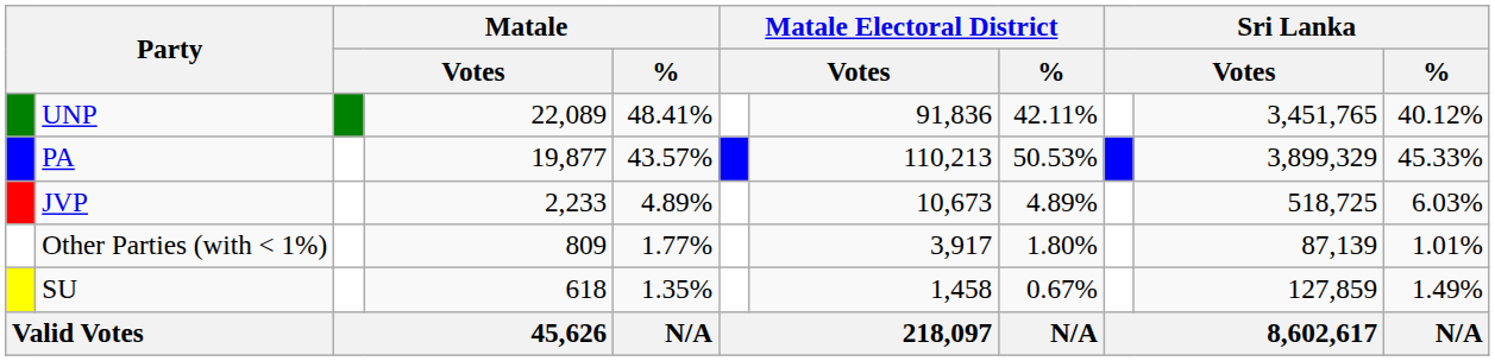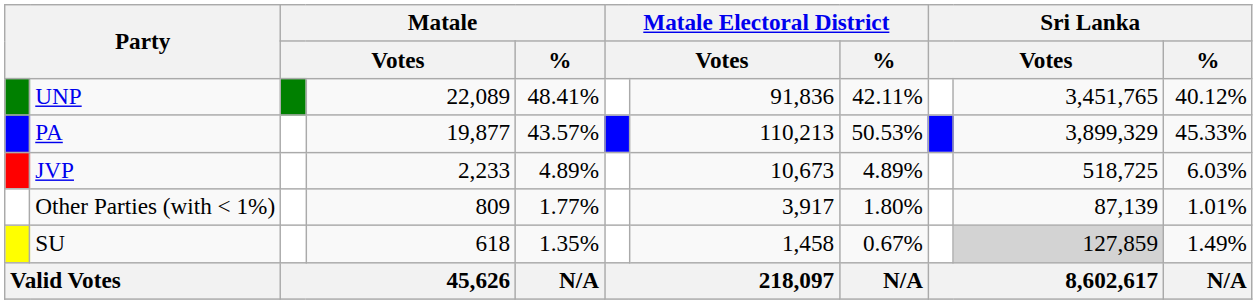 <table class="wikitable">
 <tr>
 <th colspan="2" width="144px"rowspan="2">Party</th>
 <th colspan="3" width="216px">Matale</th>
 <th colspan="3" width="216px"><a href='#'>Matale Electoral District</a></th>
 <th colspan="3" width="216px">Sri Lanka</th>
 </tr>
 <tr>
 <th colspan="2" width="144px">Votes</th>
 <th>%</th>
 <th colspan="2" width="144px">Votes</th>
 <th>%</th>
 <th colspan="2" width="144px">Votes</th>
 <th>%</th>
 </tr>
 <tr>
 <td style="background-color:green;" width="10px"></td>
 <td style="text-align:left;"><a href='#'>UNP</a></td>
 <td style="background-color:green;" width="10px"></td>
 <td style="text-align:right;">22,089</td>
 <td style="text-align:right;">48.41%</td>
 <td style="background-color:white;" width="10px"></td>
 <td style="text-align:right;">91,836</td>
 <td style="text-align:right;">42.11%</td>
 <td style="background-color:white;" width="10px"></td>
 <td style="text-align:right;">3,451,765</td>
 <td style="text-align:right;">40.12%</td>
 </tr>
 <tr>
 <td style="background-color:blue;" width="10px"></td>
 <td style="text-align:left;"><a href='#'>PA</a></td>
 <td style="background-color:white;" width="10px"></td>
 <td style="text-align:right;">19,877</td>
 <td style="text-align:right;">43.57%</td>
 <td style="background-color:blue;" width="10px"></td>
 <td style="text-align:right;">110,213</td>
 <td style="text-align:right;">50.53%</td>
 <td style="background-color:blue;" width="10px"></td>
 <td style="text-align:right;">3,899,329</td>
 <td style="text-align:right;">45.33%</td>
 </tr>
 <tr>
 <td style="background-color:red;" width="10px"></td>
 <td style="text-align:left;"><a href='#'>JVP</a></td>
 <td style="background-color:white;" width="10px"></td>
 <td style="text-align:right;">2,233</td>
 <td style="text-align:right;">4.89%</td>
 <td style="background-color:white;" width="10px"></td>
 <td style="text-align:right;">10,673</td>
 <td style="text-align:right;">4.89%</td>
 <td style="background-color:white;" width="10px"></td>
 <td style="text-align:right;">518,725</td>
 <td style="text-align:right;">6.03%</td>
 </tr>
 <tr>
 <td style="background-color:white;" width="10px"></td>
 <td style="text-align:left;">Other Parties (with < 1%)</td>
 <td style="background-color:white;" width="10px"></td>
 <td style="text-align:right;">809</td>
 <td style="text-align:right;">1.77%</td>
 <td style="background-color:white;" width="10px"></td>
 <td style="text-align:right;">3,917</td>
 <td style="text-align:right;">1.80%</td>
 <td style="background-color:white;" width="10px"></td>
 <td style="text-align:right;">87,139</td>
 <td style="text-align:right;">1.01%</td>
 </tr>
 <tr>
 <td style="background-color:yellow;" width="10px"></td>
 <td style="text-align:left;">SU</td>
 <td style="background-color:white;" width="10px"></td>
 <td style="text-align:right;">618</td>
 <td style="text-align:right;">1.35%</td>
 <td style="background-color:white;" width="10px"></td>
 <td style="text-align:right;">1,458</td>
 <td style="text-align:right;">0.67%</td>
 <td style="background-color:white;" width="10px"></td>
-<td style="text-align:right;">127,859</td>
+<td style="background: lightgrey; text-align:right;">127,859</td>
 <td style="text-align:right;">1.49%</td>
 </tr>
 <tr>
 <th colspan="2" width="144px"style="text-align:left;">Valid Votes</th>
 <th style="text-align:right;"colspan="2" width="144px">45,626</th>
 <th style="text-align:right;">N/A</th>
 <th style="text-align:right;"colspan="2" width="144px">218,097</th>
 <th style="text-align:right;">N/A</th>
 <th style="text-align:right;"colspan="2" width="144px">8,602,617</th>
 <th style="text-align:right;">N/A</th>
 </tr>
 </table>
